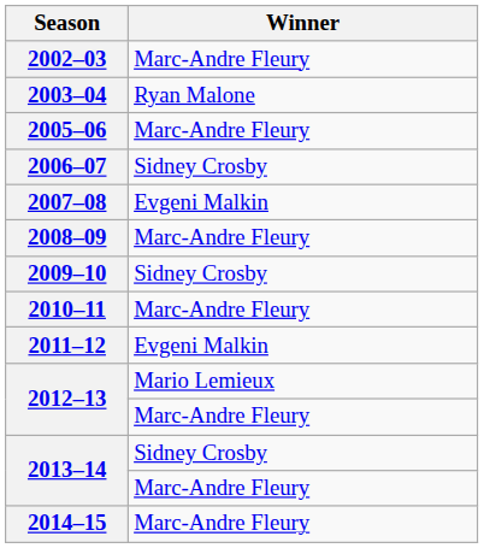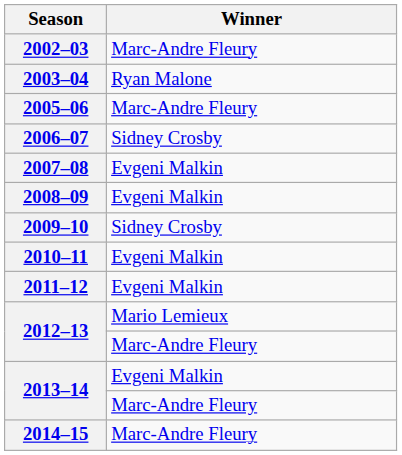 <table class="wikitable">
 <tr>
 <th scope="col" style="width:5em">Season</th>
 <th scope="col" style="width:15em">Winner</th>
 </tr>
 <tr>
 <th scope="row"><a href='#'>2002–03</a></th>
 <td><a href='#'>Marc-Andre Fleury</a></td>
 </tr>
 <tr>
 <th scope="row"><a href='#'>2003–04</a></th>
 <td><a href='#'>Ryan Malone</a></td>
 </tr>
 <tr>
 <th scope="row"><a href='#'>2005–06</a></th>
 <td><a href='#'>Marc-Andre Fleury</a></td>
 </tr>
 <tr>
 <th scope="row"><a href='#'>2006–07</a></th>
 <td><a href='#'>Sidney Crosby</a></td>
 </tr>
 <tr>
 <th scope="row"><a href='#'>2007–08</a></th>
 <td><a href='#'>Evgeni Malkin</a></td>
 </tr>
 <tr>
 <th scope="row"><a href='#'>2008–09</a></th>
-<td><a href='#'>Marc-Andre Fleury</a></td>
+<td><a href='#'>Evgeni Malkin</a></td>
 </tr>
 <tr>
 <th scope="row"><a href='#'>2009–10</a></th>
 <td><a href='#'>Sidney Crosby</a></td>
 </tr>
 <tr>
 <th scope="row"><a href='#'>2010–11</a></th>
-<td><a href='#'>Marc-Andre Fleury</a></td>
+<td><a href='#'>Evgeni Malkin</a></td>
 </tr>
 <tr>
 <th scope="row"><a href='#'>2011–12</a></th>
 <td><a href='#'>Evgeni Malkin</a></td>
 </tr>
 <tr>
 <th scope="row" rowspan="2"><a href='#'>2012–13</a></th>
 <td><a href='#'>Mario Lemieux</a></td>
 </tr>
 <tr>
 <td><a href='#'>Marc-Andre Fleury</a></td>
 </tr>
 <tr>
 <th scope="row" rowspan="2"><a href='#'>2013–14</a></th>
-<td><a href='#'>Sidney Crosby</a></td>
+<td><a href='#'>Evgeni Malkin</a></td>
 </tr>
 <tr>
 <td><a href='#'>Marc-Andre Fleury</a></td>
 </tr>
 <tr>
 <th scope="row"><a href='#'>2014–15</a></th>
 <td><a href='#'>Marc-Andre Fleury</a></td>
 </tr>
 </table>
